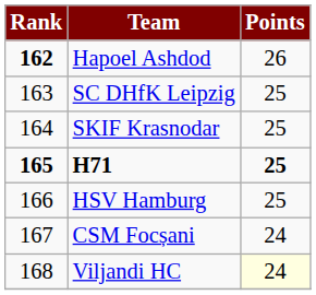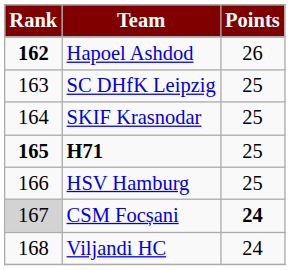 <table class="wikitable" style="text-align: center">
 <tr>
 <th style="color:#FFFFFF; background:maroon">Rank</th>
 <th style="color:#FFFFFF; background:maroon">Team</th>
 <th style="color:#FFFFFF; background:maroon">Points</th>
 </tr>
 <tr>
 <td><strong>162</strong></td>
 <td align=left> <a href='#'>Hapoel Ashdod</a></td>
 <td>26</td>
 </tr>
 <tr>
 <td>163</td>
 <td align=left> <a href='#'>SC DHfK Leipzig</a></td>
 <td>25</td>
 </tr>
 <tr>
 <td>164</td>
 <td align=left> <a href='#'>SKIF Krasnodar</a></td>
 <td>25</td>
 </tr>
 <tr>
 <td><strong>165</strong></td>
 <td align=left> <strong>H71</strong></td>
-<td><strong>25</strong></td>
+<td>25</td>
 </tr>
 <tr>
 <td>166</td>
 <td align=left> <a href='#'>HSV Hamburg</a></td>
 <td>25</td>
 </tr>
 <tr>
-<td>167</td>
+<td style="background: lightgrey;">167</td>
 <td align=left> <a href='#'>CSM Focșani</a></td>
-<td>24</td>
+<td><strong>24</strong></td>
 </tr>
 <tr>
 <td>168</td>
 <td align=left> <a href='#'>Viljandi HC</a></td>
-<td style="background: lightyellow;">24</td>
+<td>24</td>
 </tr>
 <tr>
 </tr>
 </table>
